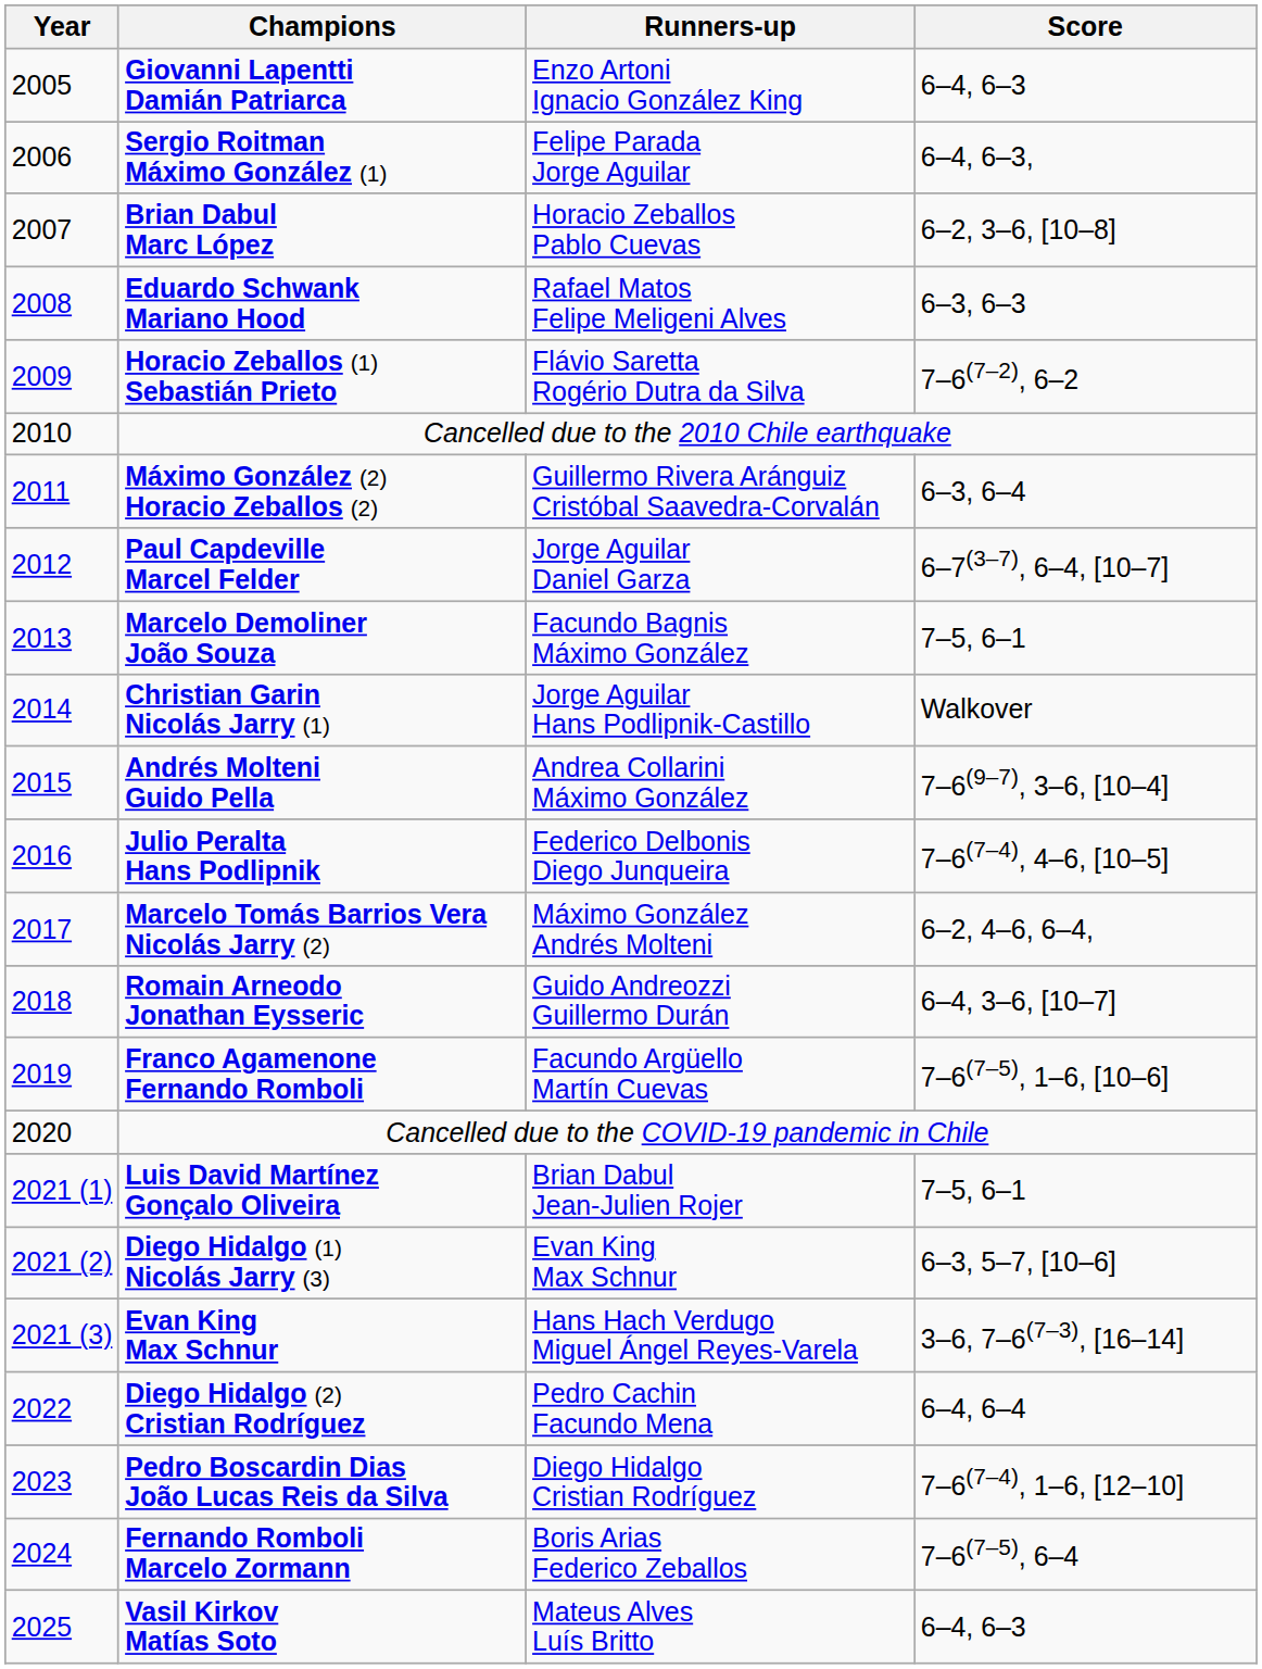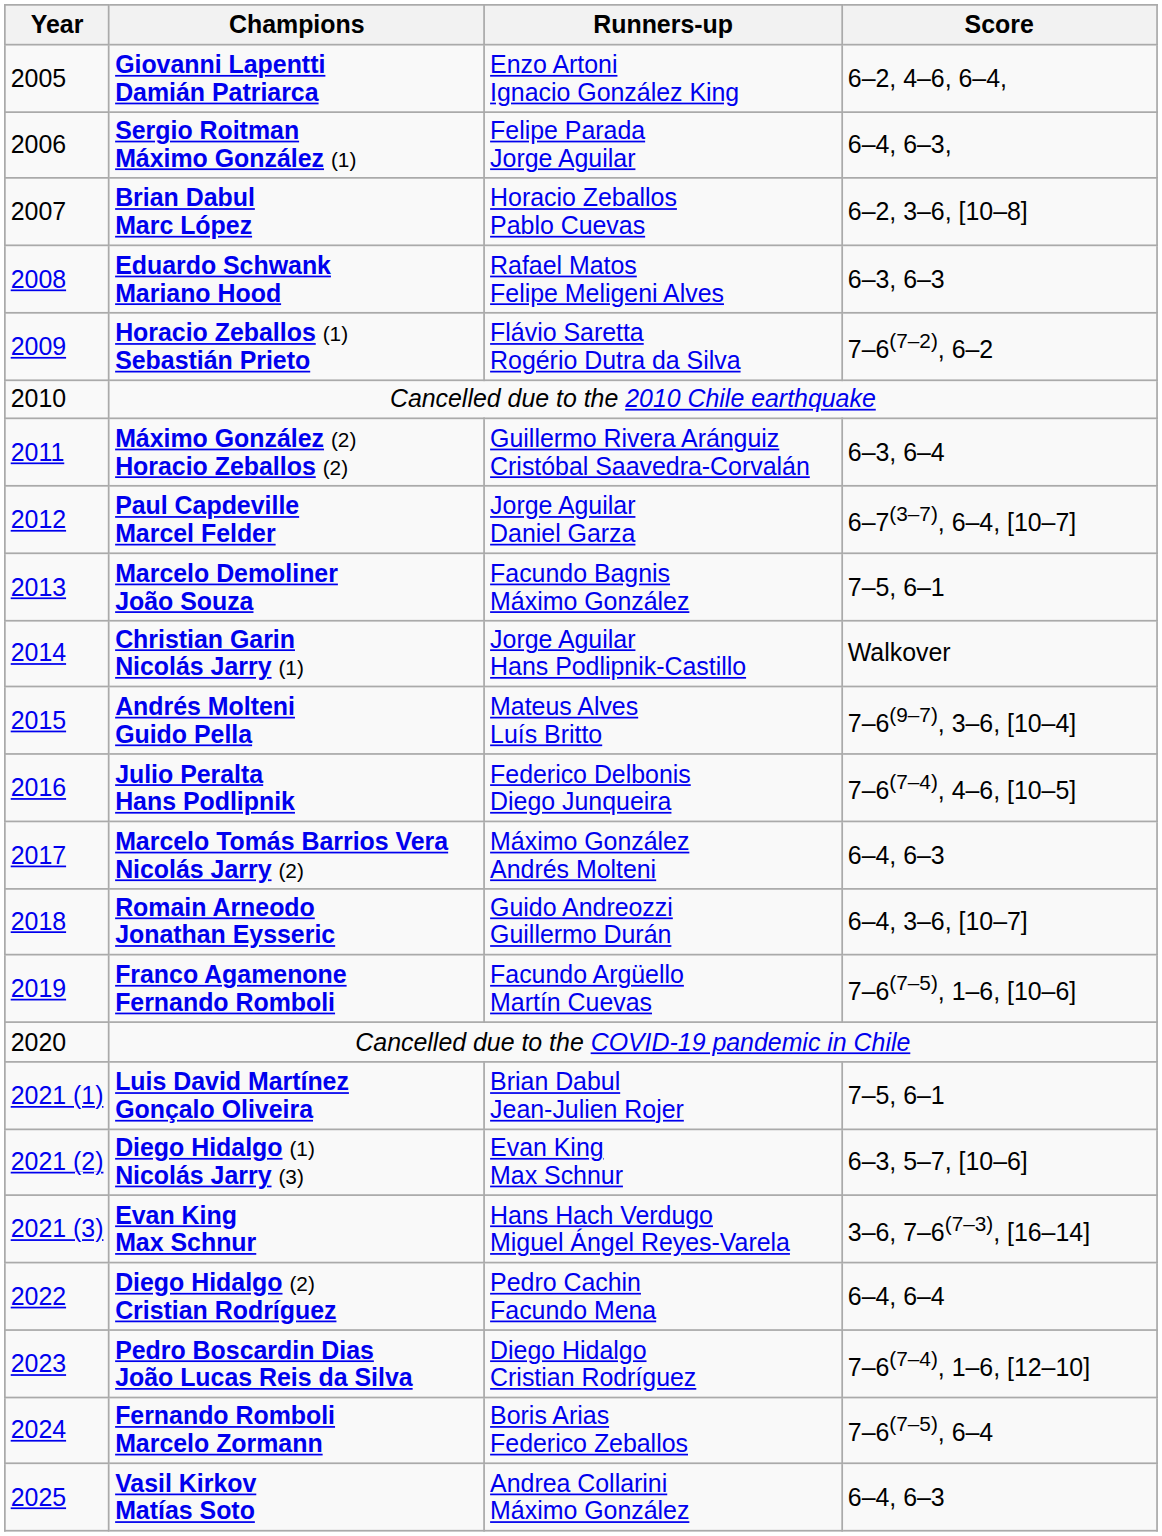 <table class="wikitable" style="font-size:90%">
 <tr>
 <th>Year</th>
 <th width="210">Champions</th>
 <th width="200">Runners-up</th>
 <th width="175">Score</th>
 </tr>
 <tr>
 <td>2005</td>
 <td> <strong><a href='#'>Giovanni Lapentti</a></strong><br> <strong><a href='#'>Damián Patriarca</a></strong></td>
 <td> <a href='#'>Enzo Artoni</a><br> <a href='#'>Ignacio González King</a></td>
-<td>6–4, 6–3</td>
+<td>6–2, 4–6, 6–4,</td>
 </tr>
 <tr>
 <td>2006</td>
 <td> <strong><a href='#'>Sergio Roitman</a></strong><br> <strong><a href='#'>Máximo González</a></strong> <small>(1)</small></td>
 <td> <a href='#'>Felipe Parada</a><br> <a href='#'>Jorge Aguilar</a></td>
 <td>6–4, 6–3,</td>
 </tr>
 <tr>
 <td>2007</td>
 <td> <strong><a href='#'>Brian Dabul</a></strong><br> <strong><a href='#'>Marc López</a></strong></td>
 <td> <a href='#'>Horacio Zeballos</a><br> <a href='#'>Pablo Cuevas</a></td>
 <td>6–2, 3–6, [10–8]</td>
 </tr>
 <tr>
 <td><a href='#'>2008</a></td>
 <td> <strong><a href='#'>Eduardo Schwank</a></strong><br> <strong><a href='#'>Mariano Hood</a></strong></td>
 <td> <a href='#'>Rafael Matos</a><br> <a href='#'>Felipe Meligeni Alves</a></td>
 <td>6–3, 6–3</td>
 </tr>
 <tr>
 <td><a href='#'>2009</a></td>
 <td> <strong><a href='#'>Horacio Zeballos</a></strong> <small>(1)</small><br> <strong><a href='#'>Sebastián Prieto</a></strong></td>
 <td> <a href='#'>Flávio Saretta</a><br> <a href='#'>Rogério Dutra da Silva</a></td>
 <td>7–6<sup>(7–2)</sup>, 6–2</td>
 </tr>
 <tr>
 <td>2010</td>
 <td colspan=3 align=center><em>Cancelled due to the <a href='#'>2010 Chile earthquake</a></em></td>
 </tr>
 <tr>
 <td><a href='#'>2011</a></td>
 <td> <strong><a href='#'>Máximo González</a></strong> <small>(2)</small><br> <strong><a href='#'>Horacio Zeballos</a></strong> <small>(2)</small></td>
 <td> <a href='#'>Guillermo Rivera Aránguiz</a><br> <a href='#'>Cristóbal Saavedra-Corvalán</a></td>
 <td>6–3, 6–4</td>
 </tr>
 <tr>
 <td><a href='#'>2012</a></td>
 <td> <strong><a href='#'>Paul Capdeville</a></strong><br> <strong><a href='#'>Marcel Felder</a></strong></td>
 <td> <a href='#'>Jorge Aguilar</a><br> <a href='#'>Daniel Garza</a></td>
 <td>6–7<sup>(3–7)</sup>, 6–4, [10–7]</td>
 </tr>
 <tr>
 <td><a href='#'>2013</a></td>
 <td> <strong><a href='#'>Marcelo Demoliner</a></strong><br> <strong><a href='#'>João Souza</a></strong></td>
 <td> <a href='#'>Facundo Bagnis</a><br> <a href='#'>Máximo González</a></td>
 <td>7–5, 6–1</td>
 </tr>
 <tr>
 <td><a href='#'>2014</a></td>
 <td> <strong><a href='#'>Christian Garin</a></strong><br> <strong><a href='#'>Nicolás Jarry</a></strong> <small>(1)</small></td>
 <td> <a href='#'>Jorge Aguilar</a><br> <a href='#'>Hans Podlipnik-Castillo</a></td>
 <td>Walkover</td>
 </tr>
 <tr>
 <td><a href='#'>2015</a></td>
 <td> <strong><a href='#'>Andrés Molteni</a></strong><br> <strong><a href='#'>Guido Pella</a></strong></td>
-<td> <a href='#'>Andrea Collarini</a><br> <a href='#'>Máximo González</a></td>
+<td> <a href='#'>Mateus Alves</a><br> <a href='#'>Luís Britto</a></td>
 <td>7–6<sup>(9–7)</sup>, 3–6, [10–4]</td>
 </tr>
 <tr>
 <td><a href='#'>2016</a></td>
 <td> <strong><a href='#'>Julio Peralta</a></strong><br> <strong><a href='#'>Hans Podlipnik</a></strong></td>
 <td> <a href='#'>Federico Delbonis</a><br> <a href='#'>Diego Junqueira</a></td>
 <td>7–6<sup>(7–4)</sup>, 4–6, [10–5]</td>
 </tr>
 <tr>
 <td><a href='#'>2017</a></td>
 <td> <strong><a href='#'>Marcelo Tomás Barrios Vera</a></strong><br> <strong><a href='#'>Nicolás Jarry</a></strong> <small>(2)</small></td>
 <td> <a href='#'>Máximo González</a><br> <a href='#'>Andrés Molteni</a></td>
-<td>6–2, 4–6, 6–4,</td>
+<td>6–4, 6–3</td>
 </tr>
 <tr>
 <td><a href='#'>2018</a></td>
 <td> <strong><a href='#'>Romain Arneodo</a></strong><br> <strong><a href='#'>Jonathan Eysseric</a></strong></td>
 <td> <a href='#'>Guido Andreozzi</a><br> <a href='#'>Guillermo Durán</a></td>
 <td>6–4, 3–6, [10–7]</td>
 </tr>
 <tr>
 <td><a href='#'>2019</a></td>
 <td> <strong><a href='#'>Franco Agamenone</a></strong><br> <strong><a href='#'>Fernando Romboli</a></strong></td>
 <td> <a href='#'>Facundo Argüello</a><br> <a href='#'>Martín Cuevas</a></td>
 <td>7–6<sup>(7–5)</sup>, 1–6, [10–6]</td>
 </tr>
 <tr>
 <td>2020</td>
 <td colspan=3 align=center><em>Cancelled due to the <a href='#'>COVID-19 pandemic in Chile</a></em></td>
 </tr>
 <tr>
 <td><a href='#'>2021 (1)</a></td>
 <td> <strong><a href='#'>Luis David Martínez</a></strong><br> <strong><a href='#'>Gonçalo Oliveira</a></strong></td>
 <td> <a href='#'>Brian Dabul</a><br> <a href='#'>Jean-Julien Rojer</a></td>
 <td>7–5, 6–1</td>
 </tr>
 <tr>
 <td><a href='#'>2021 (2)</a></td>
 <td> <strong><a href='#'>Diego Hidalgo</a></strong> <small>(1)</small><br> <strong><a href='#'>Nicolás Jarry</a></strong> <small>(3)</small></td>
 <td> <a href='#'>Evan King</a><br> <a href='#'>Max Schnur</a></td>
 <td>6–3, 5–7, [10–6]</td>
 </tr>
 <tr>
 <td><a href='#'>2021 (3)</a></td>
 <td> <strong><a href='#'>Evan King</a></strong><br> <strong><a href='#'>Max Schnur</a></strong></td>
 <td> <a href='#'>Hans Hach Verdugo</a><br> <a href='#'>Miguel Ángel Reyes-Varela</a></td>
 <td>3–6, 7–6<sup>(7–3)</sup>, [16–14]</td>
 </tr>
 <tr>
 <td><a href='#'>2022</a></td>
 <td> <strong><a href='#'>Diego Hidalgo</a></strong> <small>(2)</small><br> <strong><a href='#'>Cristian Rodríguez</a></strong></td>
 <td> <a href='#'>Pedro Cachin</a><br> <a href='#'>Facundo Mena</a></td>
 <td>6–4, 6–4</td>
 </tr>
 <tr>
 <td><a href='#'>2023</a></td>
 <td> <strong><a href='#'>Pedro Boscardin Dias</a></strong><br> <strong><a href='#'>João Lucas Reis da Silva</a></strong></td>
 <td> <a href='#'>Diego Hidalgo</a><br> <a href='#'>Cristian Rodríguez</a></td>
 <td>7–6<sup>(7–4)</sup>, 1–6, [12–10]</td>
 </tr>
 <tr>
 <td><a href='#'>2024</a></td>
 <td> <strong><a href='#'>Fernando Romboli</a></strong><br> <strong><a href='#'>Marcelo Zormann</a></strong></td>
 <td> <a href='#'>Boris Arias</a><br> <a href='#'>Federico Zeballos</a></td>
 <td>7–6<sup>(7–5)</sup>, 6–4</td>
 </tr>
 <tr>
 <td><a href='#'>2025</a></td>
 <td> <strong><a href='#'>Vasil Kirkov</a></strong><br> <strong><a href='#'>Matías Soto</a></strong></td>
-<td> <a href='#'>Mateus Alves</a><br> <a href='#'>Luís Britto</a></td>
+<td> <a href='#'>Andrea Collarini</a><br> <a href='#'>Máximo González</a></td>
 <td>6–4, 6–3</td>
 </tr>
 </table>
